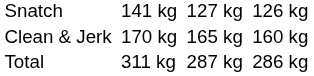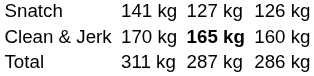 <table>
 <tr>
 <td>Snatch</td>
 <td></td>
 <td>141 kg</td>
 <td></td>
 <td>127 kg</td>
 <td></td>
 <td>126 kg</td>
 </tr>
 <tr>
 <td>Clean & Jerk</td>
 <td></td>
 <td>170 kg</td>
 <td></td>
-<td>165 kg</td>
+<td><strong>165 kg</strong></td>
 <td></td>
 <td>160 kg</td>
 </tr>
 <tr>
 <td>Total</td>
 <td></td>
 <td>311 kg</td>
 <td></td>
 <td>287 kg</td>
 <td></td>
 <td>286 kg</td>
 </tr>
 </table>
